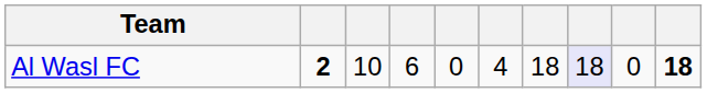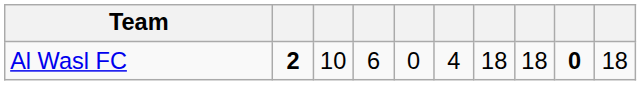 <table class="wikitable" style="text-align: center;">
 <tr>
 <th width="175">Team</th>
 <th width="20"></th>
 <th width="20"></th>
 <th width="20"></th>
 <th width="20"></th>
 <th width="20"></th>
 <th width="20"></th>
 <th width="20"></th>
 <th width="20"></th>
 <th width="20"></th>
 </tr>
 <tr>
 <td align=left> <a href='#'>Al Wasl FC</a></td>
 <td><strong>2</strong></td>
 <td>10</td>
 <td>6</td>
 <td>0</td>
 <td>4</td>
 <td>18</td>
-<td style="background: lavender;">18</td>
-<td>0</td>
-<td><strong>18</strong></td>
+<td>18</td>
+<td><strong>0</strong></td>
+<td>18</td>
 </tr>
 </table>
